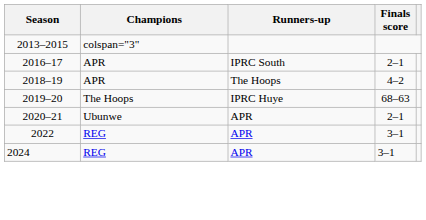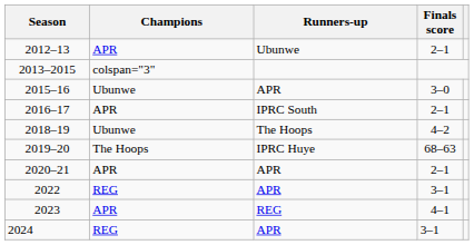 <table class="wikitable sortable">
 <tr>
 <th width="100">Season</th>
 <th width="200">Champions</th>
 <th width="200">Runners-up</th>
 <th width="50">Finals score</th>
 <th class="unsortable"></th>
 </tr>
 <tr>
+<td align="center">2012–13</td>
+<td><a href='#'>APR</a></td>
+<td>Ubunwe</td>
+<td align="center">2–1</td>
+<td align="center"></td>
+</tr>
+<tr>
 <td align="center">2013–2015</td>
 <td>colspan="3" </td>
+<td align="center"></td>
+</tr>
+<tr>
+<td align="center">2015–16</td>
+<td>Ubunwe</td>
+<td>APR</td>
+<td align="center">3–0</td>
 <td align="center"></td>
 </tr>
 <tr>
 <td align="center">2016–17</td>
 <td>APR</td>
 <td>IPRC South</td>
 <td align="center">2–1</td>
 <td align="center"></td>
 </tr>
 <tr>
 <td align="center">2018–19</td>
-<td>APR</td>
+<td>Ubunwe</td>
 <td>The Hoops</td>
 <td align="center">4–2</td>
 <td align="center"></td>
 </tr>
 <tr>
 <td align="center">2019–20</td>
 <td>The Hoops</td>
 <td>IPRC Huye</td>
 <td align="center">68–63</td>
 <td align="center"></td>
 </tr>
 <tr>
 <td align="center">2020–21</td>
-<td>Ubunwe</td>
+<td>APR</td>
 <td>APR</td>
 <td align="center">2–1</td>
 <td align="center"></td>
 </tr>
 <tr>
 <td align="center">2022</td>
 <td><a href='#'>REG</a></td>
 <td><a href='#'>APR</a></td>
 <td align="center">3–1</td>
 <td align="center"></td>
 </tr>
 <tr>
+<td align="center">2023</td>
+<td><a href='#'>APR</a></td>
+<td><a href='#'>REG</a></td>
+<td align="center">4–1</td>
+<td align="center"></td>
+</tr>
+<tr>
 <td>2024</td>
 <td><a href='#'>REG</a></td>
 <td><a href='#'>APR</a></td>
 <td>3–1</td>
 <td></td>
 </tr>
 </table>
